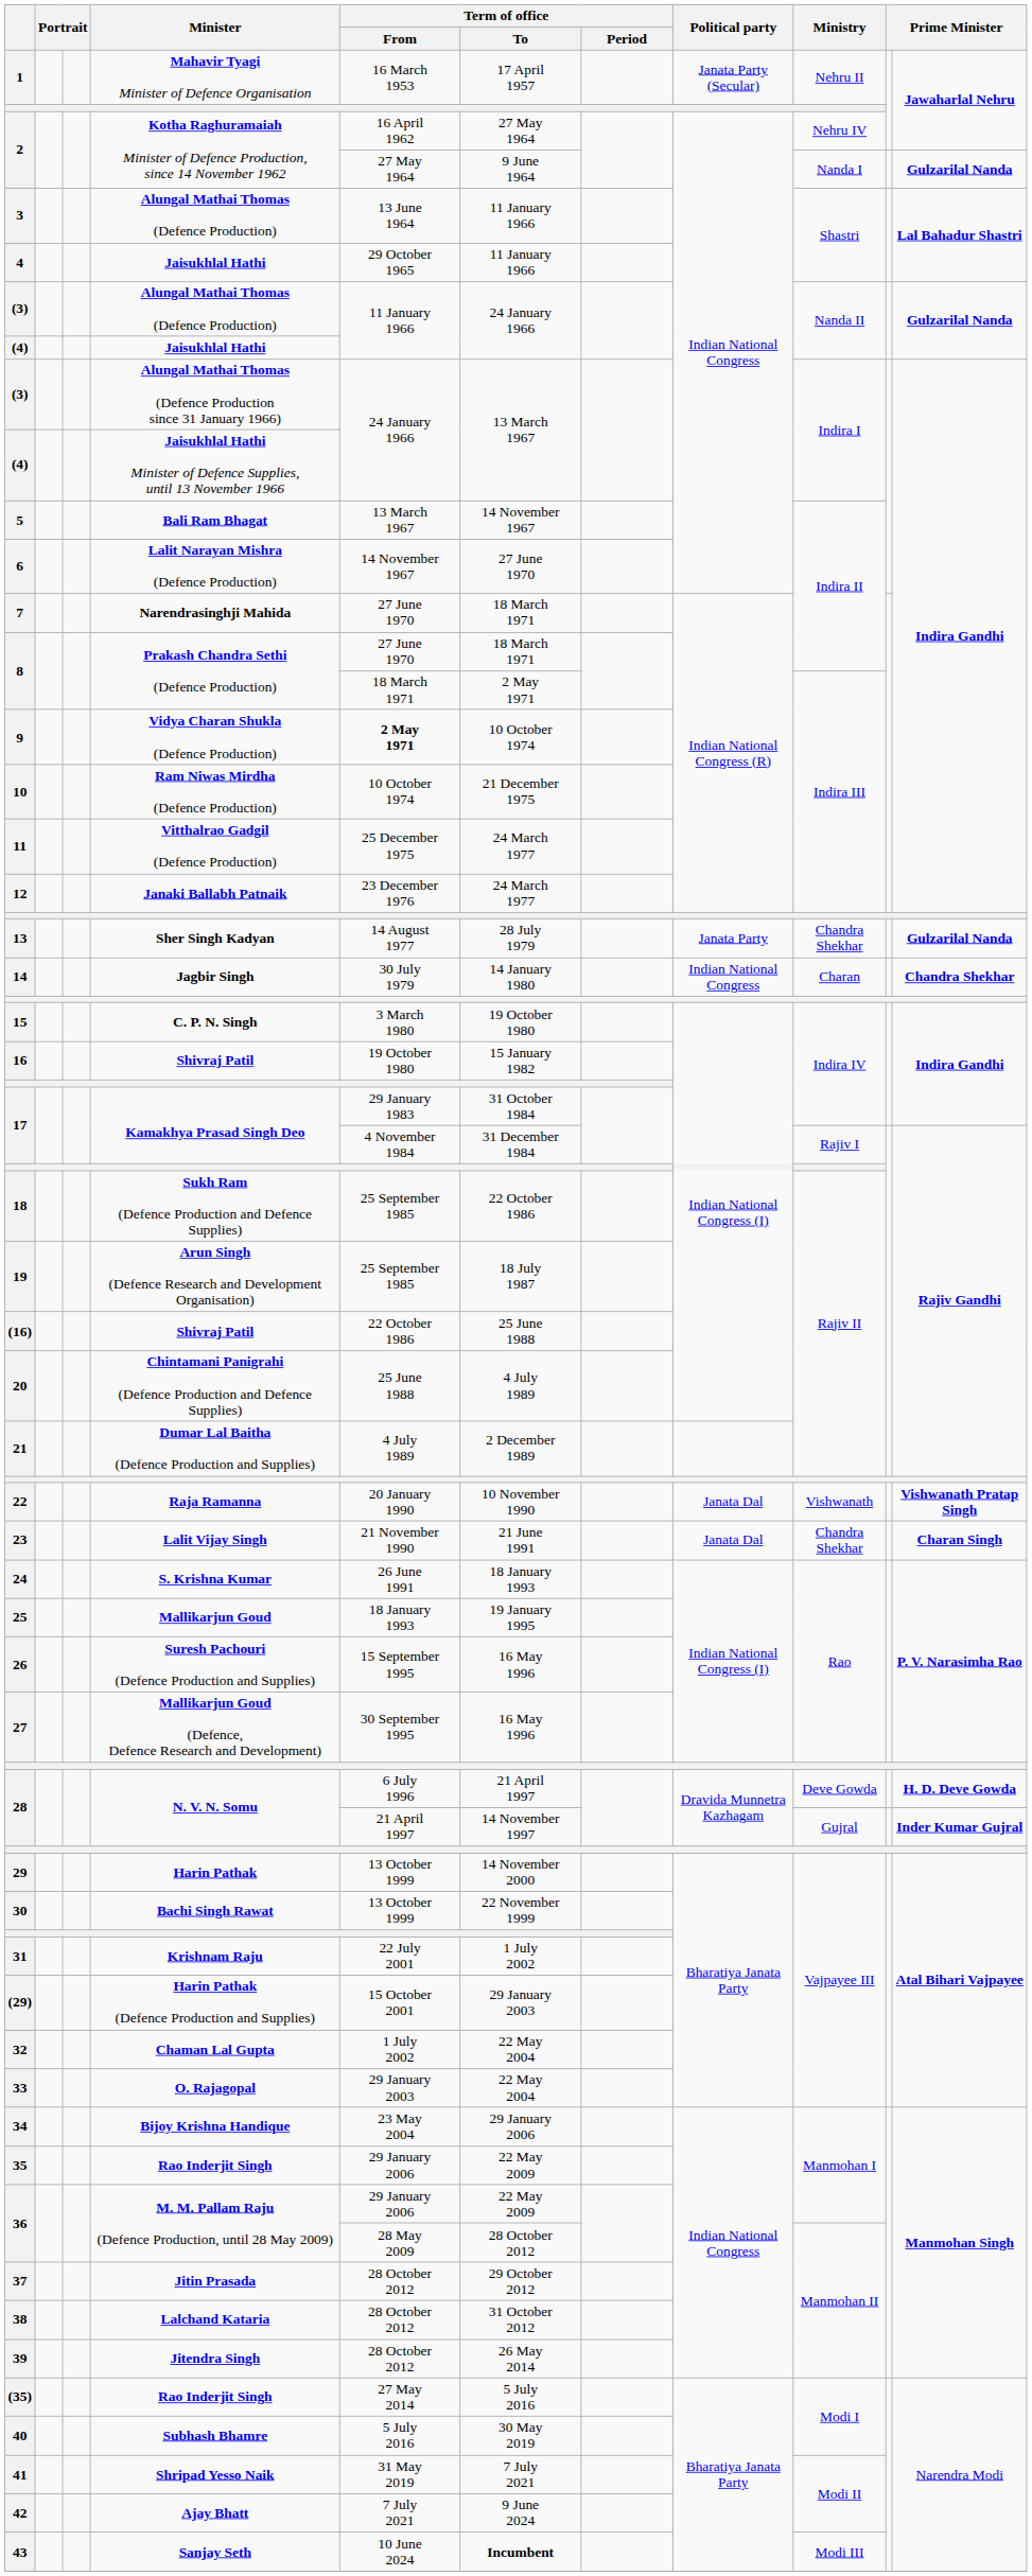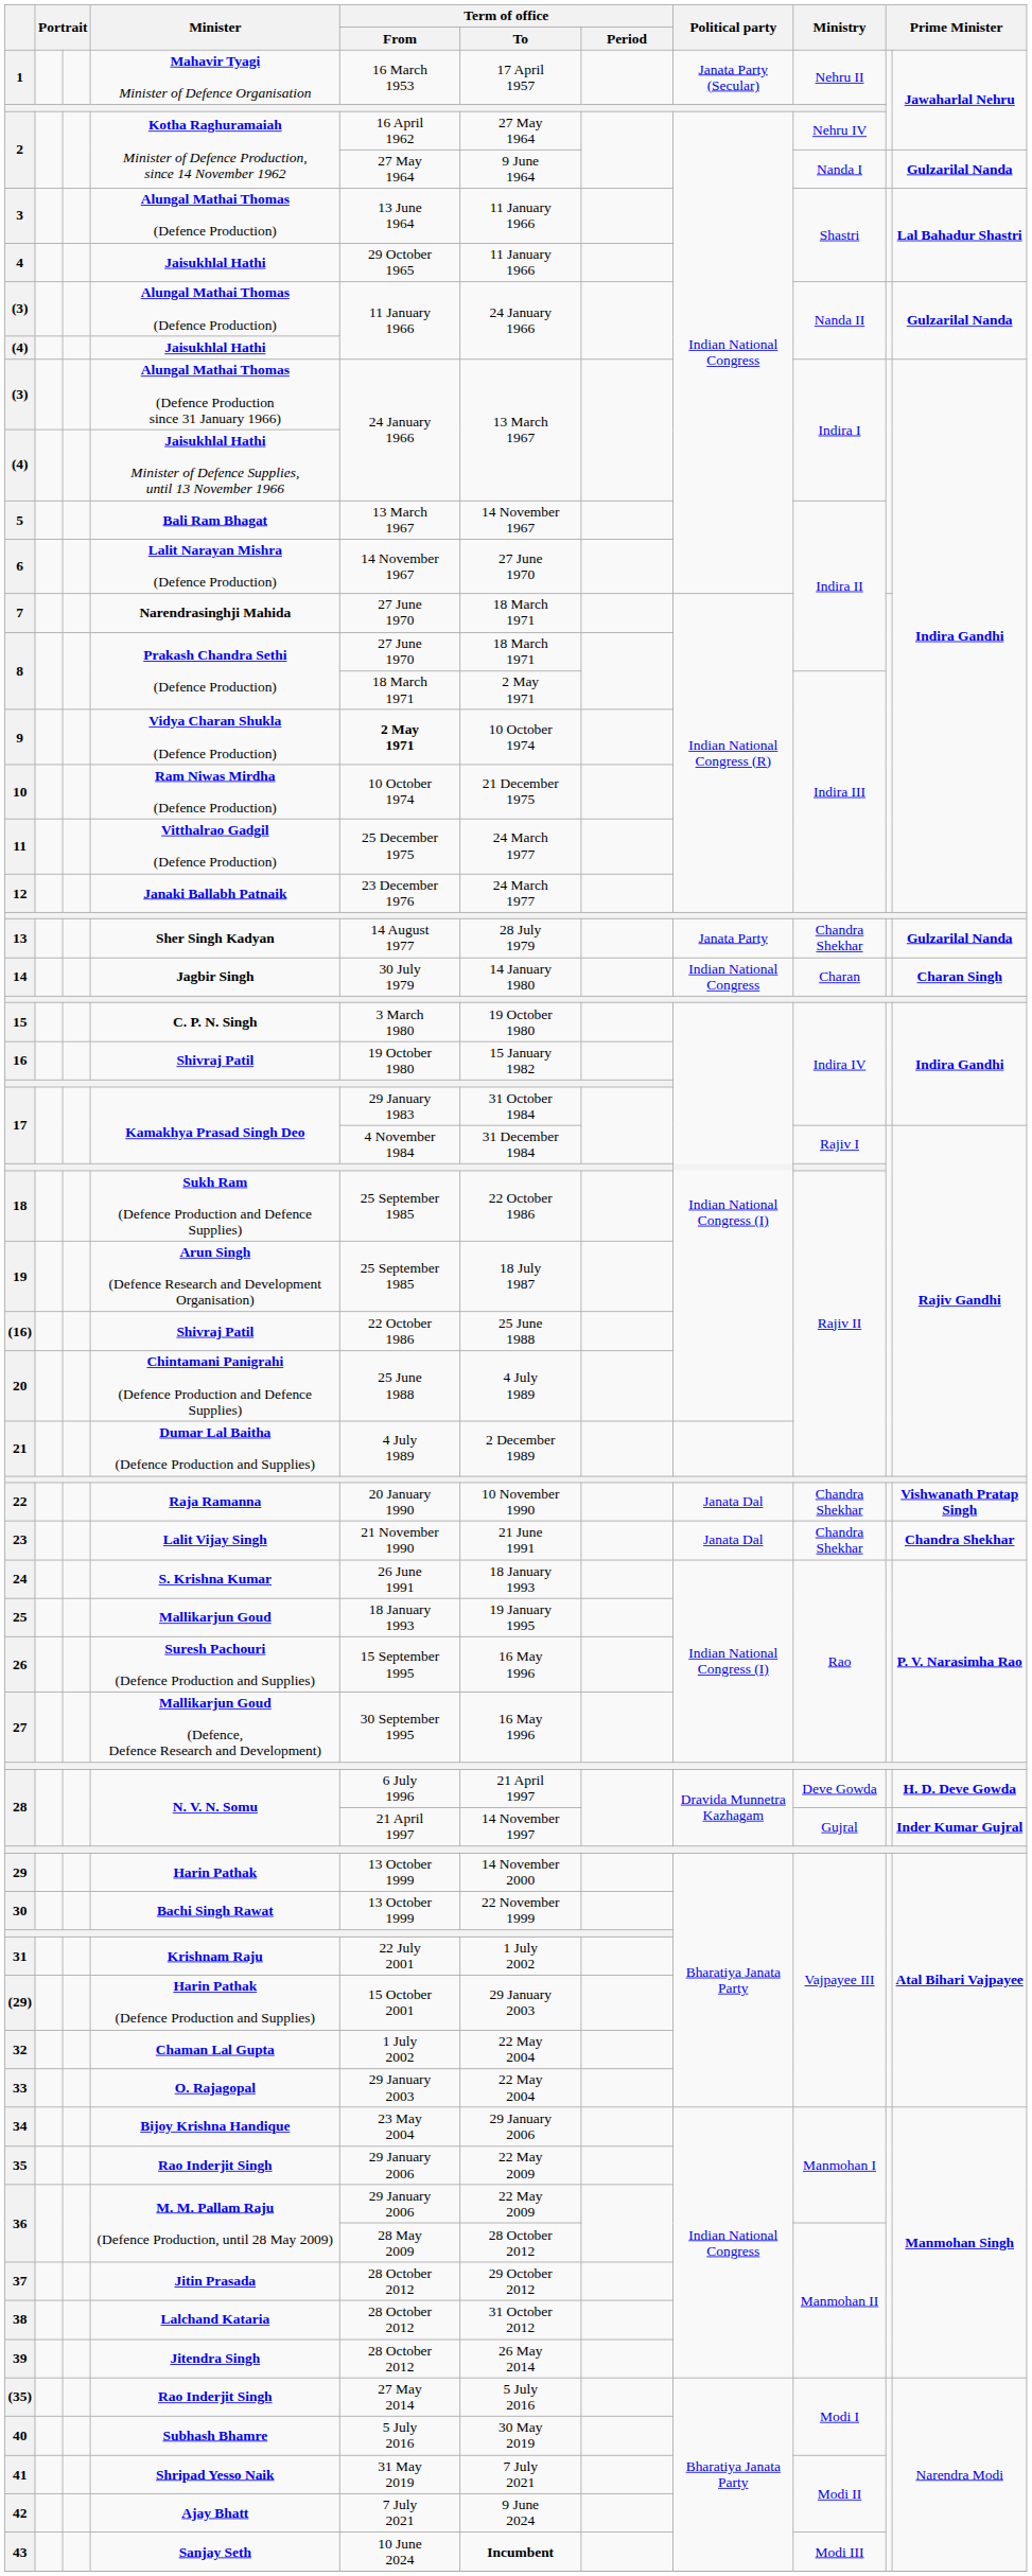 <table class="wikitable" style="text-align:center">
 <tr>
 <th rowspan="2"></th>
 <th rowspan="2" colspan="2">Portrait</th>
 <th rowspan="2" style="width:17em">Minister<br></th>
 <th colspan="3">Term of office</th>
 <th rowspan="2" style="width:8em">Political party</th>
 <th rowspan="2" style="width:6em">Ministry</th>
 <th rowspan="2" colspan="2">Prime Minister</th>
 </tr>
 <tr>
 <th style="width:8em">From</th>
 <th style="width:8em">To</th>
 <th style="width:6em">Period</th>
 </tr>
 <tr>
 <th>1</th>
 <td></td>
 <td></td>
 <td><strong><a href='#'>Mahavir Tyagi</a></strong><br><br><em>Minister of Defence Organisation</em></td>
 <td>16 March<br>1953</td>
 <td>17 April<br>1957</td>
 <td><strong></strong></td>
 <td><a href='#'>Janata Party (Secular)</a></td>
 <td><a href='#'>Nehru II</a></td>
 <td rowspan="3"></td>
 <td rowspan="3" style="width:9em"><strong><a href='#'>Jawaharlal Nehru</a></strong></td>
 </tr>
 <tr>
 <th colspan="9"></th>
 </tr>
 <tr>
 <th rowspan="2">2</th>
 <td rowspan="2"></td>
 <td rowspan="2"></td>
 <td rowspan="2"><strong><a href='#'>Kotha Raghuramaiah</a></strong><br><br><em>Minister of Defence Production,<br>since 14 November 1962</em></td>
 <td>16 April<br>1962</td>
 <td>27 May<br>1964</td>
 <td rowspan="2"><strong></strong></td>
 <td rowspan="10"><a href='#'>Indian National Congress</a></td>
 <td><a href='#'>Nehru IV</a></td>
 </tr>
 <tr>
 <td>27 May<br>1964</td>
 <td>9 June<br>1964</td>
 <td><a href='#'>Nanda I</a></td>
 <td></td>
 <td><strong><a href='#'>Gulzarilal Nanda</a></strong></td>
 </tr>
 <tr>
 <th>3</th>
 <td></td>
 <td></td>
 <td><strong><a href='#'>Alungal Mathai Thomas</a></strong><br><br>(Defence Production)</td>
 <td>13 June<br>1964</td>
 <td>11 January<br>1966</td>
 <td><strong></strong></td>
 <td rowspan="2"><a href='#'>Shastri</a></td>
 <td rowspan="2"></td>
 <td rowspan="2"><strong><a href='#'>Lal Bahadur Shastri</a></strong></td>
 </tr>
 <tr>
 <th>4</th>
 <td></td>
 <td></td>
 <td><strong><a href='#'>Jaisukhlal Hathi</a></strong><br></td>
 <td>29 October<br>1965</td>
 <td>11 January<br>1966</td>
 <td><strong></strong></td>
 </tr>
 <tr>
 <th>(3)</th>
 <td></td>
 <td></td>
 <td><strong><a href='#'>Alungal Mathai Thomas</a></strong><br><br>(Defence Production)</td>
 <td rowspan="2">11 January<br>1966</td>
 <td rowspan="2">24 January<br>1966</td>
 <td rowspan="2"><strong></strong></td>
 <td rowspan="2"><a href='#'>Nanda II</a></td>
 <td rowspan="2"></td>
 <td rowspan="2"><strong><a href='#'>Gulzarilal Nanda</a></strong></td>
 </tr>
 <tr>
 <th>(4)</th>
 <td></td>
 <td></td>
 <td><strong><a href='#'>Jaisukhlal Hathi</a></strong><br></td>
 </tr>
 <tr>
 <th>(3)</th>
 <td></td>
 <td></td>
 <td><strong><a href='#'>Alungal Mathai Thomas</a></strong><br><br>(Defence Production<br>since 31 January 1966)</td>
 <td rowspan="2">24 January<br>1966</td>
 <td rowspan="2">13 March<br>1967</td>
 <td rowspan="2"><strong></strong></td>
 <td rowspan="2"><a href='#'>Indira I</a></td>
 <td rowspan="4"></td>
 <td rowspan="11"><strong><a href='#'>Indira Gandhi</a></strong></td>
 </tr>
 <tr>
 <th>(4)</th>
 <td></td>
 <td></td>
 <td><strong><a href='#'>Jaisukhlal Hathi</a></strong><br><br><em>Minister of Defence Supplies,<br>until 13 November 1966</em></td>
 </tr>
 <tr>
 <th>5</th>
 <td></td>
 <td></td>
 <td><strong><a href='#'>Bali Ram Bhagat</a></strong><br></td>
 <td>13 March<br>1967</td>
 <td>14 November<br>1967</td>
 <td><strong></strong></td>
 <td rowspan="4"><a href='#'>Indira II</a></td>
 </tr>
 <tr>
 <th>6</th>
 <td></td>
 <td></td>
 <td><strong><a href='#'>Lalit Narayan Mishra</a></strong><br><br>(Defence Production)</td>
 <td>14 November<br>1967</td>
 <td>27 June<br>1970</td>
 <td><strong></strong></td>
 </tr>
 <tr>
 <th>7</th>
 <td></td>
 <td></td>
 <td><strong>Narendrasinghji Mahida</strong><br></td>
 <td>27 June<br>1970</td>
 <td>18 March<br>1971</td>
 <td><strong></strong></td>
 <td rowspan="7"><a href='#'>Indian National Congress (R)</a></td>
 <td rowspan="7"></td>
 </tr>
 <tr>
 <th rowspan="2">8</th>
 <td rowspan="2"></td>
 <td rowspan="2"></td>
 <td rowspan="2"><strong><a href='#'>Prakash Chandra Sethi</a></strong><br><br>(Defence Production)</td>
 <td>27 June<br>1970</td>
 <td>18 March<br>1971</td>
 <td rowspan="2"><strong></strong></td>
 </tr>
 <tr>
 <td>18 March<br>1971</td>
 <td>2 May<br>1971</td>
 <td rowspan="5"><a href='#'>Indira III</a></td>
 </tr>
 <tr>
 <th>9</th>
 <td></td>
 <td></td>
 <td><strong><a href='#'>Vidya Charan Shukla</a></strong><br><br>(Defence Production)</td>
 <td><strong>2 May<br>1971</strong></td>
 <td>10 October<br>1974</td>
 <td><strong></strong></td>
 </tr>
 <tr>
 <th>10</th>
 <td></td>
 <td></td>
 <td><strong><a href='#'>Ram Niwas Mirdha</a></strong><br><br>(Defence Production)</td>
 <td>10 October<br>1974</td>
 <td>21 December<br>1975</td>
 <td><strong></strong></td>
 </tr>
 <tr>
 <th>11</th>
 <td></td>
 <td></td>
 <td><strong><a href='#'>Vitthalrao Gadgil</a></strong><br><br>(Defence Production)</td>
 <td>25 December<br>1975</td>
 <td>24 March<br>1977</td>
 <td><strong></strong></td>
 </tr>
 <tr>
 <th>12</th>
 <td></td>
 <td></td>
 <td><strong><a href='#'>Janaki Ballabh Patnaik</a></strong><br></td>
 <td>23 December<br>1976</td>
 <td>24 March<br>1977</td>
 <td><strong></strong></td>
 </tr>
 <tr>
 <th colspan="11"></th>
 </tr>
 <tr>
 <th>13</th>
 <td></td>
 <td></td>
 <td><strong>Sher Singh Kadyan</strong><br></td>
 <td>14 August<br>1977</td>
 <td>28 July<br>1979</td>
 <td><strong></strong></td>
 <td><a href='#'>Janata Party</a></td>
 <td><a href='#'>Chandra Shekhar</a></td>
 <td></td>
 <td><strong><a href='#'>Gulzarilal Nanda</a></strong></td>
 </tr>
 <tr>
 <th>14</th>
 <td></td>
 <td></td>
 <td><strong>Jagbir Singh</strong><br></td>
 <td>30 July<br>1979</td>
 <td>14 January<br>1980</td>
 <td><strong></strong></td>
 <td><a href='#'>Indian National Congress</a></td>
 <td><a href='#'>Charan</a></td>
 <td></td>
-<td><strong><a href='#'>Chandra Shekhar</a></strong></td>
+<td><strong><a href='#'>Charan Singh</a></strong></td>
 </tr>
 <tr>
 <th colspan="11"></th>
 </tr>
 <tr>
 <th>15</th>
 <td></td>
 <td></td>
 <td><strong>C. P. N. Singh</strong><br></td>
 <td>3 March<br>1980</td>
 <td>19 October<br>1980</td>
 <td><strong></strong></td>
 <td rowspan="10"><a href='#'>Indian National Congress (I)</a></td>
 <td rowspan="4"><a href='#'>Indira IV</a></td>
 <td rowspan="4"></td>
 <td rowspan="4"><strong><a href='#'>Indira Gandhi</a></strong></td>
 </tr>
 <tr>
 <th>16</th>
 <td></td>
 <td></td>
 <td><strong><a href='#'>Shivraj Patil</a></strong><br></td>
 <td>19 October<br>1980</td>
 <td>15 January<br>1982</td>
 <td><strong></strong></td>
 </tr>
 <tr>
 <th colspan="7"></th>
 </tr>
 <tr>
 <th rowspan="2">17</th>
 <td rowspan="2"></td>
 <td rowspan="2"></td>
 <td rowspan="2"><br><strong><a href='#'>Kamakhya Prasad Singh Deo</a></strong> <br></td>
 <td>29 January<br>1983</td>
 <td>31 October<br>1984</td>
 <td rowspan="2"><strong></strong></td>
 </tr>
 <tr>
 <td>4 November<br>1984</td>
 <td>31 December<br>1984</td>
 <td><a href='#'>Rajiv I</a></td>
 <td rowspan="7"></td>
 <td rowspan="7"><strong><a href='#'>Rajiv Gandhi</a></strong></td>
 </tr>
 <tr>
 <th colspan="9"></th>
 </tr>
 <tr>
 <th>18</th>
 <td></td>
 <td></td>
 <td><strong><a href='#'>Sukh Ram</a></strong><br><br>(Defence Production and Defence Supplies)</td>
 <td>25 September<br>1985</td>
 <td>22 October<br>1986</td>
 <td><strong></strong></td>
 <td rowspan="5"><a href='#'>Rajiv II</a></td>
 </tr>
 <tr>
 <th>19</th>
 <td></td>
 <td></td>
 <td><strong><a href='#'>Arun Singh</a></strong><br><br>(Defence Research and Development Organisation)</td>
 <td>25 September<br>1985</td>
 <td>18 July<br>1987</td>
 <td><strong></strong></td>
 </tr>
 <tr>
 <th>(16)</th>
 <td></td>
 <td></td>
 <td><strong><a href='#'>Shivraj Patil</a></strong><br></td>
 <td>22 October<br>1986</td>
 <td>25 June<br>1988</td>
 <td><strong></strong></td>
 </tr>
 <tr>
 <th>20</th>
 <td></td>
 <td></td>
 <td><strong><a href='#'>Chintamani Panigrahi</a></strong><br><br>(Defence Production and Defence Supplies)</td>
 <td>25 June<br>1988</td>
 <td>4 July<br>1989</td>
 <td><strong></strong></td>
 </tr>
 <tr>
 <th>21</th>
 <td></td>
 <td></td>
 <td><strong><a href='#'>Dumar Lal Baitha</a></strong><br><br>(Defence Production and Supplies)</td>
 <td>4 July<br>1989</td>
 <td>2 December<br>1989</td>
 <td><strong></strong></td>
 </tr>
 <tr>
 <th colspan="11"></th>
 </tr>
 <tr>
 <th>22</th>
 <td></td>
 <td></td>
 <td><strong><a href='#'>Raja Ramanna</a></strong><br></td>
 <td>20 January<br>1990</td>
 <td>10 November<br>1990</td>
 <td><strong></strong></td>
 <td><a href='#'>Janata Dal</a></td>
-<td><a href='#'>Vishwanath</a></td>
+<td><a href='#'>Chandra Shekhar</a></td>
 <td></td>
 <td><strong><a href='#'>Vishwanath Pratap Singh</a></strong></td>
 </tr>
 <tr>
 <th>23</th>
 <td></td>
 <td></td>
 <td><strong><a href='#'>Lalit Vijay Singh</a></strong><br></td>
 <td>21 November<br>1990</td>
 <td>21 June<br>1991</td>
 <td><strong></strong></td>
 <td><a href='#'>Janata Dal</a></td>
 <td><a href='#'>Chandra Shekhar</a></td>
 <td></td>
-<td><strong><a href='#'>Charan Singh</a></strong></td>
+<td><strong><a href='#'>Chandra Shekhar</a></strong></td>
 </tr>
 <tr>
 <th>24</th>
 <td></td>
 <td></td>
 <td><strong><a href='#'>S. Krishna Kumar</a></strong><br></td>
 <td>26 June<br>1991</td>
 <td>18 January<br>1993</td>
 <td><strong></strong></td>
 <td rowspan="4"><a href='#'>Indian National Congress (I)</a></td>
 <td rowspan="4"><a href='#'>Rao</a></td>
 <td rowspan="4"></td>
 <td rowspan="4"><strong><a href='#'>P. V. Narasimha Rao</a></strong></td>
 </tr>
 <tr>
 <th>25</th>
 <td></td>
 <td></td>
 <td><strong><a href='#'>Mallikarjun Goud</a></strong><br></td>
 <td>18 January<br>1993</td>
 <td>19 January<br>1995</td>
 <td><strong></strong></td>
 </tr>
 <tr>
 <th>26</th>
 <td></td>
 <td></td>
 <td><strong><a href='#'>Suresh Pachouri</a></strong><br><br>(Defence Production and Supplies)</td>
 <td>15 September<br>1995</td>
 <td>16 May<br>1996</td>
 <td><strong></strong></td>
 </tr>
 <tr>
 <th>27</th>
 <td></td>
 <td></td>
 <td><strong><a href='#'>Mallikarjun Goud</a></strong><br><br>(Defence,<br>Defence Research and Development)</td>
 <td>30 September<br>1995</td>
 <td>16 May<br>1996</td>
 <td><strong></strong></td>
 </tr>
 <tr>
 <th colspan="11"></th>
 </tr>
 <tr>
 <th rowspan="2">28</th>
 <td rowspan="2"></td>
 <td rowspan="2"></td>
 <td rowspan="2"><strong><a href='#'>N. V. N. Somu</a></strong><br></td>
 <td>6 July<br>1996</td>
 <td>21 April<br>1997</td>
 <td rowspan="2"><strong></strong></td>
 <td rowspan="2"><a href='#'>Dravida Munnetra Kazhagam</a></td>
 <td><a href='#'>Deve Gowda</a></td>
 <td></td>
 <td><strong><a href='#'>H. D. Deve Gowda</a></strong></td>
 </tr>
 <tr>
 <td>21 April<br>1997</td>
 <td>14 November<br>1997<br></td>
 <td><a href='#'>Gujral</a></td>
 <td></td>
 <td><strong><a href='#'>Inder Kumar Gujral</a></strong></td>
 </tr>
 <tr>
 <th colspan="11"></th>
 </tr>
 <tr>
 <th>29</th>
 <td></td>
 <td></td>
 <td><strong><a href='#'>Harin Pathak</a></strong><br></td>
 <td>13 October<br>1999</td>
 <td>14 November<br>2000</td>
 <td><strong></strong></td>
 <td rowspan="7"><a href='#'>Bharatiya Janata Party</a></td>
 <td rowspan="7"><a href='#'>Vajpayee III</a></td>
 <td rowspan="7"></td>
 <td rowspan="7"><strong><a href='#'>Atal Bihari Vajpayee</a></strong></td>
 </tr>
 <tr>
 <th>30</th>
 <td></td>
 <td></td>
 <td><strong><a href='#'>Bachi Singh Rawat</a></strong><br></td>
 <td>13 October<br>1999</td>
 <td>22 November<br>1999</td>
 <td><strong></strong></td>
 </tr>
 <tr>
 <th colspan="7"></th>
 </tr>
 <tr>
 <th>31</th>
 <td></td>
 <td></td>
 <td><strong><a href='#'>Krishnam Raju</a></strong><br></td>
 <td>22 July<br>2001</td>
 <td>1 July<br>2002</td>
 <td><strong></strong></td>
 </tr>
 <tr>
 <th>(29)</th>
 <td></td>
 <td></td>
 <td><strong><a href='#'>Harin Pathak</a></strong><br><br>(Defence Production and Supplies)</td>
 <td>15 October<br>2001</td>
 <td>29 January<br>2003</td>
 <td><strong></strong></td>
 </tr>
 <tr>
 <th>32</th>
 <td></td>
 <td></td>
 <td><strong><a href='#'>Chaman Lal Gupta</a></strong><br></td>
 <td>1 July<br>2002</td>
 <td>22 May<br>2004</td>
 <td><strong></strong></td>
 </tr>
 <tr>
 <th>33</th>
 <td></td>
 <td></td>
 <td><strong><a href='#'>O. Rajagopal</a></strong><br></td>
 <td>29 January<br>2003</td>
 <td>22 May<br>2004</td>
 <td><strong></strong></td>
 </tr>
 <tr>
 <th>34</th>
 <td></td>
 <td></td>
 <td><strong><a href='#'>Bijoy Krishna Handique</a></strong><br></td>
 <td>23 May<br>2004</td>
 <td>29 January<br>2006</td>
 <td><strong></strong></td>
 <td rowspan="7"><a href='#'>Indian National Congress</a></td>
 <td rowspan="3"><a href='#'>Manmohan I</a></td>
 <td rowspan="7"></td>
 <td rowspan="7"><strong><a href='#'>Manmohan Singh</a></strong></td>
 </tr>
 <tr>
 <th>35</th>
 <td></td>
 <td></td>
 <td><strong><a href='#'>Rao Inderjit Singh</a></strong><br></td>
 <td>29 January<br>2006</td>
 <td>22 May<br>2009</td>
 <td><strong></strong></td>
 </tr>
 <tr>
 <th rowspan="2">36</th>
 <td rowspan="2"></td>
 <td rowspan="2"></td>
 <td rowspan="2"><strong><a href='#'>M. M. Pallam Raju</a></strong><br><br>(Defence Production, until 28 May 2009)</td>
 <td>29 January<br>2006</td>
 <td>22 May<br>2009</td>
 <td rowspan="2"><strong></strong></td>
 </tr>
 <tr>
 <td>28 May<br>2009</td>
 <td>28 October<br>2012</td>
 <td rowspan="4"><a href='#'>Manmohan II</a></td>
 </tr>
 <tr>
 <th>37</th>
 <td></td>
 <td></td>
 <td><strong><a href='#'>Jitin Prasada</a></strong><br></td>
 <td>28 October<br>2012</td>
 <td>29 October<br>2012</td>
 <td><strong></strong></td>
 </tr>
 <tr>
 <th>38</th>
 <td></td>
 <td></td>
 <td><strong><a href='#'>Lalchand Kataria</a></strong><br></td>
 <td>28 October<br>2012</td>
 <td>31 October<br>2012</td>
 <td><strong></strong></td>
 </tr>
 <tr>
 <th>39</th>
 <td></td>
 <td></td>
 <td><strong><a href='#'>Jitendra Singh</a></strong><br></td>
 <td>28 October<br>2012</td>
 <td>26 May<br>2014</td>
 <td><strong></strong></td>
 </tr>
 <tr>
 <th>(35)</th>
 <td></td>
 <td></td>
 <td><strong><a href='#'>Rao Inderjit Singh</a></strong><br></td>
 <td>27 May<br>2014</td>
 <td>5 July<br>2016</td>
 <td><strong></strong></td>
 <td rowspan="5"><a href='#'>Bharatiya Janata Party</a></td>
 <td rowspan="2"><a href='#'>Modi I</a></td>
 <td rowspan="5"></td>
 <td rowspan="5"><a href='#'>Narendra Modi</a></td>
 </tr>
 <tr>
 <th>40</th>
 <td></td>
 <td></td>
 <td><strong><a href='#'>Subhash Bhamre</a></strong><br></td>
 <td>5 July<br>2016</td>
 <td>30 May<br>2019</td>
 <td><strong></strong></td>
 </tr>
 <tr>
 <th>41</th>
 <td></td>
 <td></td>
 <td><strong><a href='#'>Shripad Yesso Naik</a></strong><br></td>
 <td>31 May<br>2019</td>
 <td>7 July<br>2021</td>
 <td><strong></strong></td>
 <td rowspan="2"><a href='#'>Modi II</a></td>
 </tr>
 <tr>
 <th>42</th>
 <td></td>
 <td></td>
 <td><strong><a href='#'>Ajay Bhatt</a></strong><br></td>
 <td>7 July<br>2021</td>
 <td>9 June<br>2024</td>
 <td><strong></strong></td>
 </tr>
 <tr>
 <th>43</th>
 <td></td>
 <td></td>
 <td><strong><a href='#'>Sanjay Seth</a></strong><br></td>
 <td>10 June<br>2024</td>
 <td><strong>Incumbent</strong></td>
 <td><strong></strong></td>
 <td><a href='#'>Modi III</a></td>
 </tr>
 <tr>
 </tr>
 </table>
